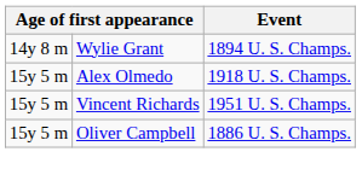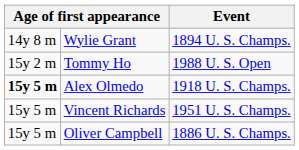 <table class=wikitable style="display:inline-table;">
 <tr>
 <th scope="col" colspan=2>Age of first appearance</th>
 <th scope="col">Event</th>
 </tr>
 <tr>
 <td>14y 8 m</td>
 <td> <a href='#'>Wylie Grant</a></td>
 <td><a href='#'>1894 U. S. Champs.</a></td>
 </tr>
 <tr>
-<td>15y 5 m</td>
+<td>15y 2 m</td>
+<td> <a href='#'>Tommy Ho</a></td>
+<td><a href='#'>1988 U. S. Open</a></td>
+</tr>
+<tr>
+<td><strong>15y 5 m</strong></td>
 <td> <a href='#'>Alex Olmedo</a></td>
 <td><a href='#'>1918 U. S. Champs.</a></td>
 </tr>
 <tr>
 <td>15y 5 m</td>
 <td> <a href='#'>Vincent Richards</a></td>
 <td><a href='#'>1951 U. S. Champs.</a></td>
 </tr>
 <tr>
 <td>15y 5 m</td>
 <td> <a href='#'>Oliver Campbell</a></td>
 <td><a href='#'>1886 U. S. Champs.</a></td>
 </tr>
 </table>
